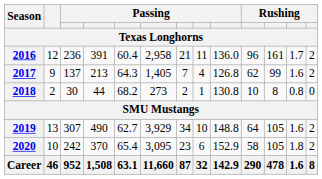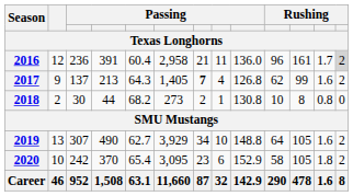 <table class="wikitable" style="text-align:center;">
 <tr>
 <th rowspan="2">Season</th>
 <th rowspan="2"></th>
 <th colspan="7">Passing</th>
 <th colspan="4">Rushing</th>
 </tr>
 <tr>
 <th></th>
 <th></th>
 <th></th>
 <th></th>
 <th></th>
 <th></th>
 <th></th>
 <th></th>
 <th></th>
 <th></th>
 <th></th>
 </tr>
 <tr>
 <th colspan="13">Texas Longhorns</th>
 </tr>
 <tr>
 <th><a href='#'>2016</a></th>
 <td>12</td>
 <td>236</td>
 <td>391</td>
 <td>60.4</td>
 <td>2,958</td>
 <td>21</td>
 <td>11</td>
 <td>136.0</td>
 <td>96</td>
 <td>161</td>
 <td>1.7</td>
-<td>2</td>
+<td style="background: lightgrey;">2</td>
 </tr>
 <tr>
 <th><a href='#'>2017</a></th>
 <td>9</td>
 <td>137</td>
 <td>213</td>
 <td>64.3</td>
 <td>1,405</td>
-<td>7</td>
+<td><strong>7</strong></td>
 <td>4</td>
 <td>126.8</td>
 <td>62</td>
 <td>99</td>
 <td>1.6</td>
 <td>2</td>
 </tr>
 <tr>
 <th><a href='#'>2018</a></th>
 <td>2</td>
 <td>30</td>
 <td>44</td>
 <td>68.2</td>
 <td>273</td>
 <td>2</td>
 <td>1</td>
 <td>130.8</td>
 <td>10</td>
 <td>8</td>
 <td>0.8</td>
 <td>0</td>
 </tr>
 <tr>
 <th colspan="13">SMU Mustangs</th>
 </tr>
 <tr>
 <th><a href='#'>2019</a></th>
 <td>13</td>
 <td>307</td>
 <td>490</td>
 <td>62.7</td>
 <td>3,929</td>
 <td>34</td>
 <td>10</td>
 <td>148.8</td>
 <td>64</td>
 <td>105</td>
 <td>1.6</td>
 <td>2</td>
 </tr>
 <tr>
 <th><a href='#'>2020</a></th>
 <td>10</td>
 <td>242</td>
 <td>370</td>
 <td>65.4</td>
 <td>3,095</td>
 <td>23</td>
 <td>6</td>
 <td>152.9</td>
 <td>58</td>
 <td>105</td>
 <td>1.8</td>
 <td>2</td>
 </tr>
 <tr>
 <th>Career</th>
 <th>46</th>
 <th>952</th>
 <th>1,508</th>
 <th>63.1</th>
 <th>11,660</th>
 <th>87</th>
 <th>32</th>
 <th>142.9</th>
 <th>290</th>
 <th>478</th>
 <th>1.6</th>
 <th>8</th>
 </tr>
 </table>
